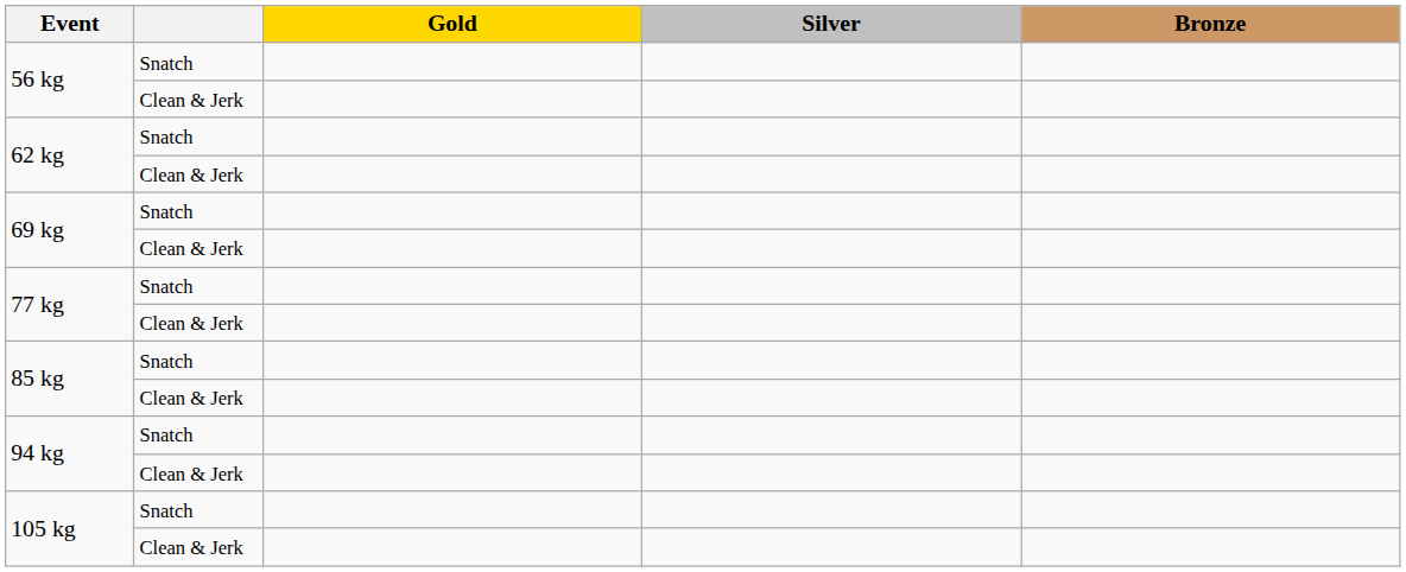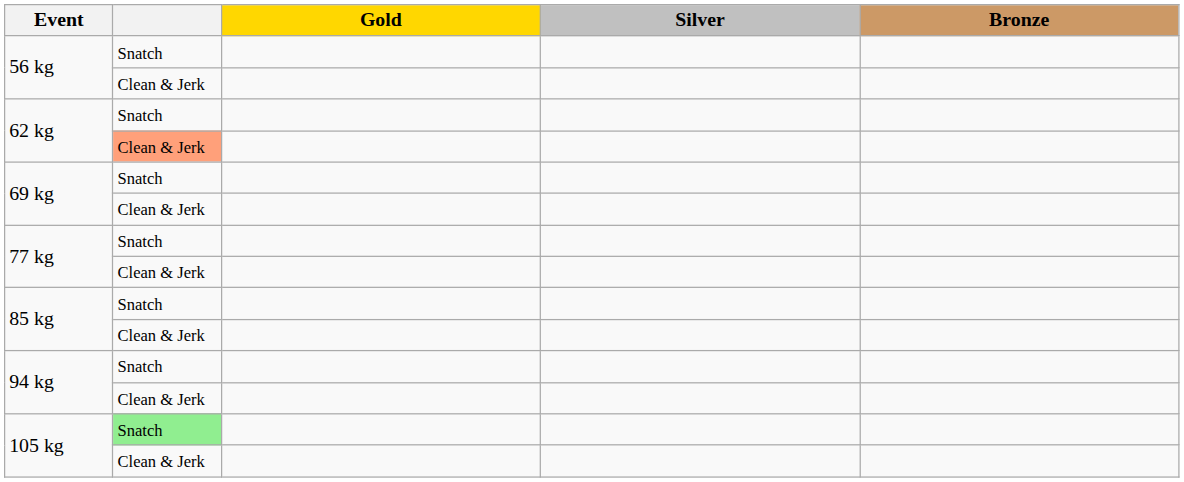 <table class="wikitable">
 <tr>
 <th width=80>Event</th>
 <th width=80></th>
 <td bgcolor=gold align="center" colspan=1 width=250><strong>Gold</strong></td>
 <td bgcolor=silver align="center" colspan=1 width=250><strong>Silver</strong></td>
 <td bgcolor=#cc9966 colspan=1 align="center" width=250><strong>Bronze</strong></td>
 </tr>
 <tr>
 <td rowspan=2>56 kg<br></td>
 <td><small>Snatch</small></td>
 <td></td>
 <td></td>
 <td></td>
 </tr>
 <tr>
 <td><small>Clean & Jerk</small></td>
 <td></td>
 <td></td>
 <td></td>
 </tr>
 <tr>
 <td rowspan=2>62 kg<br></td>
 <td><small>Snatch</small></td>
 <td></td>
 <td></td>
 <td></td>
 </tr>
 <tr>
-<td><small>Clean & Jerk</small></td>
+<td style="background: lightsalmon;"><small>Clean & Jerk</small></td>
 <td></td>
 <td></td>
 <td></td>
 </tr>
 <tr>
 <td rowspan=2>69 kg<br></td>
 <td><small>Snatch</small></td>
 <td></td>
 <td></td>
 <td></td>
 </tr>
 <tr>
 <td><small>Clean & Jerk</small></td>
 <td></td>
 <td></td>
 <td></td>
 </tr>
 <tr>
 <td rowspan=2>77 kg<br></td>
 <td><small>Snatch</small></td>
 <td></td>
 <td></td>
 <td></td>
 </tr>
 <tr>
 <td><small>Clean & Jerk</small></td>
 <td></td>
 <td></td>
 <td></td>
 </tr>
 <tr>
 <td rowspan=2>85 kg<br></td>
 <td><small>Snatch</small></td>
 <td></td>
 <td></td>
 <td></td>
 </tr>
 <tr>
 <td><small>Clean & Jerk</small></td>
 <td></td>
 <td></td>
 <td></td>
 </tr>
 <tr>
 <td rowspan=2>94 kg<br></td>
 <td><small>Snatch</small></td>
 <td></td>
 <td></td>
 <td></td>
 </tr>
 <tr>
 <td><small>Clean & Jerk</small></td>
 <td></td>
 <td></td>
 <td></td>
 </tr>
 <tr>
 <td rowspan=2>105 kg<br></td>
-<td><small>Snatch</small></td>
+<td style="background: lightgreen;"><small>Snatch</small></td>
 <td></td>
 <td></td>
 <td></td>
 </tr>
 <tr>
 <td><small>Clean & Jerk</small></td>
 <td></td>
 <td></td>
 <td></td>
 </tr>
 </table>
